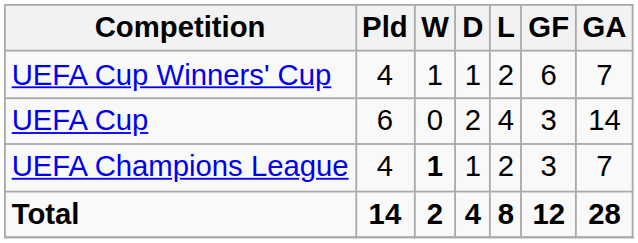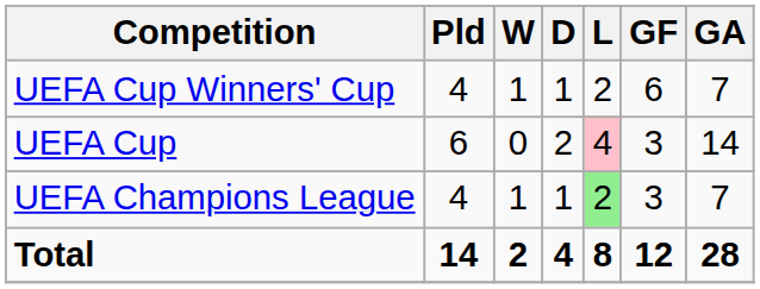 <table class="wikitable">
 <tr>
 <th>Competition</th>
 <th>Pld</th>
 <th>W</th>
 <th>D</th>
 <th>L</th>
 <th>GF</th>
 <th>GA</th>
 </tr>
 <tr>
 <td><a href='#'>UEFA Cup Winners' Cup</a></td>
 <td style="text-align:center;">4</td>
 <td style="text-align:center;">1</td>
 <td style="text-align:center;">1</td>
 <td style="text-align:center;">2</td>
 <td style="text-align:center;">6</td>
 <td style="text-align:center;">7</td>
 </tr>
 <tr>
 <td><a href='#'>UEFA Cup</a></td>
 <td style="text-align:center;">6</td>
 <td style="text-align:center;">0</td>
 <td style="text-align:center;">2</td>
-<td style="text-align:center;">4</td>
+<td style="background: pink; text-align:center;">4</td>
 <td style="text-align:center;">3</td>
 <td style="text-align:center;">14</td>
 </tr>
 <tr>
 <td><a href='#'>UEFA Champions League</a></td>
 <td style="text-align:center;">4</td>
-<td style="text-align:center;"><strong>1</strong></td>
 <td style="text-align:center;">1</td>
-<td style="text-align:center;">2</td>
+<td style="text-align:center;">1</td>
+<td style="background: lightgreen; text-align:center;">2</td>
 <td style="text-align:center;">3</td>
 <td style="text-align:center;">7</td>
 </tr>
 <tr>
 <td><strong>Total</strong></td>
 <td style="text-align:center;"><strong>14</strong></td>
 <td style="text-align:center;"><strong>2</strong></td>
 <td style="text-align:center;"><strong>4</strong></td>
 <td style="text-align:center;"><strong>8</strong></td>
 <td style="text-align:center;"><strong>12</strong></td>
 <td style="text-align:center;"><strong>28</strong></td>
 </tr>
 <tr>
 </tr>
 </table>
